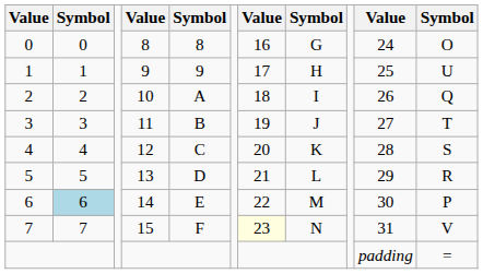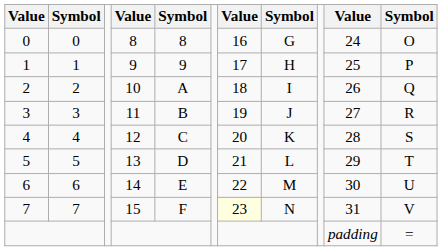 <table class="wikitable" style="width:40ex; text-align: center; margin: 0 auto 0 auto;">
 <tr>
 <th width="12%">Value</th>
 <th width="12%">Symbol</th>
 <td rowspan="10"></td>
 <th width="12%">Value</th>
 <th width="12%">Symbol</th>
 <td rowspan="10"></td>
 <th width="12%">Value</th>
 <th width="12%">Symbol</th>
 <td rowspan="10"></td>
 <th width="12%">Value</th>
 <th width="12%">Symbol</th>
 </tr>
 <tr>
 <td>0</td>
 <td>0</td>
 <td>8</td>
 <td>8</td>
 <td>16</td>
 <td>G</td>
 <td>24</td>
 <td>O</td>
 </tr>
 <tr>
 <td>1</td>
 <td>1</td>
 <td>9</td>
 <td>9</td>
 <td>17</td>
 <td>H</td>
 <td>25</td>
-<td>U</td>
+<td>P</td>
 </tr>
 <tr>
 <td>2</td>
 <td>2</td>
 <td>10</td>
 <td>A</td>
 <td>18</td>
 <td>I</td>
 <td>26</td>
 <td>Q</td>
 </tr>
 <tr>
 <td>3</td>
 <td>3</td>
 <td>11</td>
 <td>B</td>
 <td>19</td>
 <td>J</td>
 <td>27</td>
-<td>T</td>
+<td>R</td>
 </tr>
 <tr>
 <td>4</td>
 <td>4</td>
 <td>12</td>
 <td>C</td>
 <td>20</td>
 <td>K</td>
 <td>28</td>
 <td>S</td>
 </tr>
 <tr>
 <td>5</td>
 <td>5</td>
 <td>13</td>
 <td>D</td>
 <td>21</td>
 <td>L</td>
 <td>29</td>
-<td>R</td>
+<td>T</td>
 </tr>
 <tr>
 <td>6</td>
-<td style="background: lightblue;">6</td>
+<td>6</td>
 <td>14</td>
 <td>E</td>
 <td>22</td>
 <td>M</td>
 <td>30</td>
-<td>P</td>
+<td>U</td>
 </tr>
 <tr>
 <td>7</td>
 <td>7</td>
 <td>15</td>
 <td>F</td>
 <td style="background: lightyellow;">23</td>
 <td>N</td>
 <td>31</td>
 <td>V</td>
 </tr>
 <tr>
 <td colspan="2"></td>
 <td colspan="2"></td>
 <td colspan="2"></td>
 <td><em>padding</em></td>
 <td>=</td>
 </tr>
 </table>
